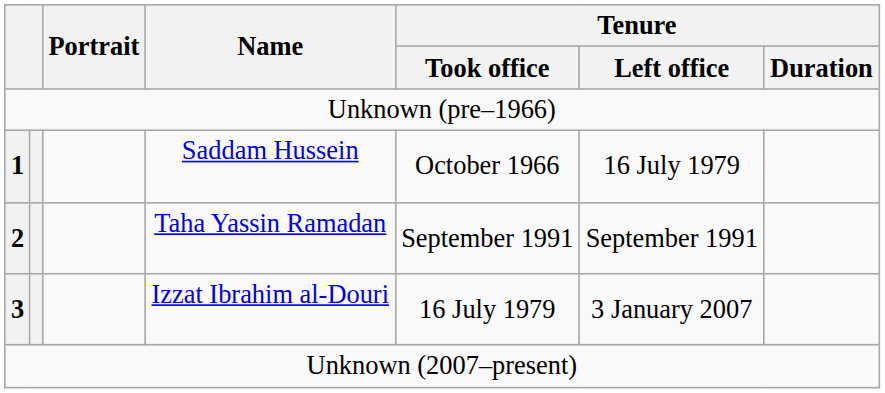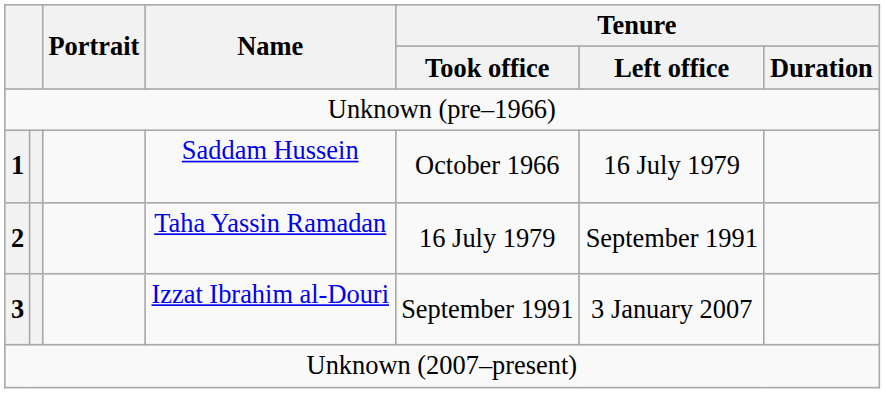 <table class="wikitable" style="text-align:center">
 <tr>
 <th rowspan=2 colspan=2></th>
 <th rowspan=2>Portrait</th>
 <th rowspan=2>Name<br></th>
 <th colspan=3>Tenure</th>
 </tr>
 <tr>
 <th>Took office</th>
 <th>Left office</th>
 <th>Duration</th>
 </tr>
 <tr>
 <td colspan=7>Unknown (pre–1966)</td>
 </tr>
 <tr>
 <th>1</th>
 <th style="background:"></th>
 <td></td>
 <td><a href='#'>Saddam Hussein</a><br><br></td>
 <td>October 1966</td>
 <td>16 July 1979</td>
 <td></td>
 </tr>
 <tr>
 <th>2</th>
 <th style="background:"></th>
 <td></td>
 <td><a href='#'>Taha Yassin Ramadan</a><br><br></td>
-<td>September 1991</td>
+<td>16 July 1979</td>
 <td>September 1991</td>
 <td></td>
 </tr>
 <tr>
 <th>3</th>
 <th style="background:"></th>
 <td></td>
 <td><a href='#'>Izzat Ibrahim al-Douri</a><br><br></td>
-<td>16 July 1979</td>
+<td>September 1991</td>
 <td>3 January 2007</td>
 <td></td>
 </tr>
 <tr>
 <td colspan=7>Unknown (2007–present)</td>
 </tr>
 </table>
